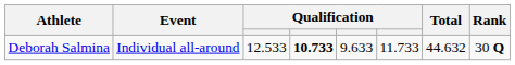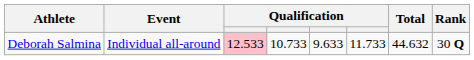 <table class="wikitable" style="font-size:90%">
 <tr>
 <th rowspan=2>Athlete</th>
 <th rowspan=2>Event</th>
 <th colspan=4>Qualification</th>
 <th rowspan=2>Total</th>
 <th rowspan=2>Rank</th>
 </tr>
 <tr style="font-size:95%">
 <th></th>
 <th></th>
 <th></th>
 <th></th>
 </tr>
 <tr align=center>
 <td align=left><a href='#'>Deborah Salmina</a></td>
 <td align=left><a href='#'>Individual all-around</a></td>
-<td>12.533</td>
-<td><strong>10.733</strong></td>
+<td style="background: pink;">12.533</td>
+<td>10.733</td>
 <td>9.633</td>
 <td>11.733</td>
 <td>44.632</td>
 <td>30 <strong>Q</strong></td>
 </tr>
 </table>
